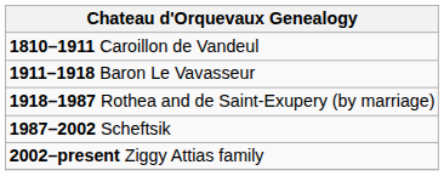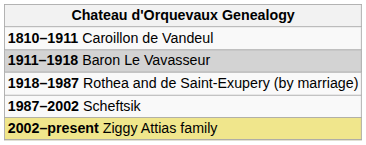 <table class="wikitable">
 <tr>
 <th>Chateau d'Orquevaux Genealogy</th>
 </tr>
 <tr>
 <td><strong>1810–1911</strong> Caroillon de Vandeul</td>
 </tr>
 <tr>
-<td><strong>1911–1918</strong> Baron Le Vavasseur</td>
+<td style="background: lightgrey;"><strong>1911–1918</strong> Baron Le Vavasseur</td>
 </tr>
 <tr>
 <td><strong>1918–1987</strong> Rothea and de Saint-Exupery (by marriage)</td>
 </tr>
 <tr>
 <td><strong>1987–2002</strong> Scheftsik</td>
 </tr>
 <tr>
-<td><strong>2002–present</strong> Ziggy Attias family</td>
+<td style="background: khaki;"><strong>2002–present</strong> Ziggy Attias family</td>
 </tr>
 <tr>
 </tr>
 </table>
